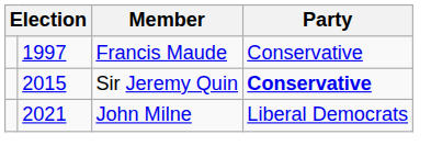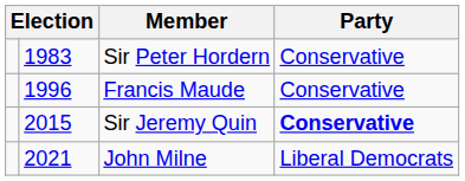 <table class="wikitable">
 <tr>
 <th colspan="2">Election</th>
 <th>Member</th>
 <th>Party</th>
 </tr>
 <tr>
 <td style="color:inherit;background-color: "></td>
-<td><a href='#'>1997</a></td>
+<td><a href='#'>1983</a></td>
+<td>Sir <a href='#'>Peter Hordern</a></td>
+<td><a href='#'>Conservative</a></td>
+</tr>
+<tr>
+<td style="color:inherit;background-color: "></td>
+<td><a href='#'>1996</a></td>
 <td><a href='#'>Francis Maude</a></td>
 <td><a href='#'>Conservative</a></td>
 </tr>
 <tr>
 <td style="color:inherit;background-color: "></td>
 <td><a href='#'>2015</a></td>
 <td>Sir <a href='#'>Jeremy Quin</a></td>
 <td><strong><a href='#'>Conservative</a></strong></td>
 </tr>
 <tr>
 <td style="color:inherit;background-color: "></td>
 <td><a href='#'>2021</a></td>
 <td><a href='#'>John Milne</a></td>
 <td><a href='#'>Liberal Democrats</a></td>
 </tr>
 </table>
